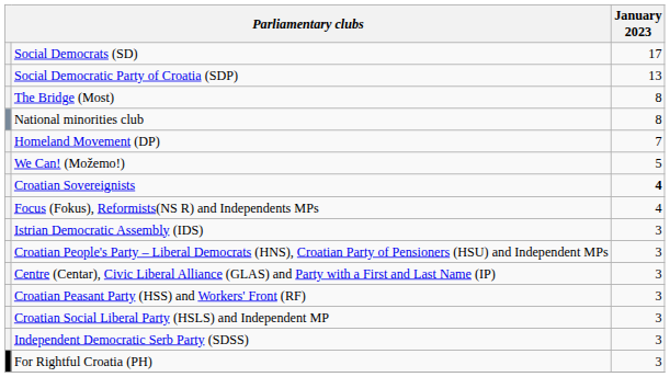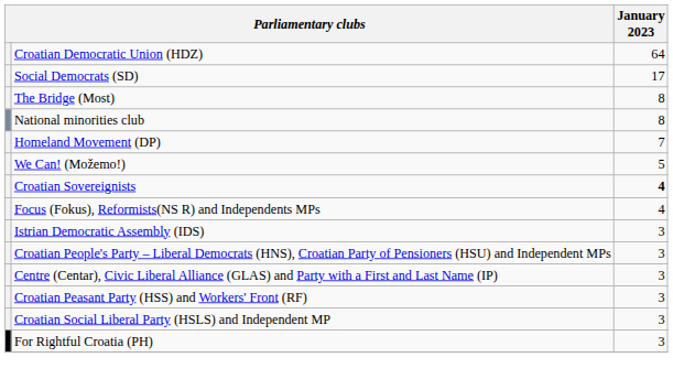 <table class="wikitable" style="font-size: 95%;">
 <tr>
 <th colspan=2><em>Parliamentary clubs</em></th>
 <th>January<br>2023</th>
 </tr>
 <tr>
 <th style="background-color: "></th>
-<td><a href='#'>Social Democrats</a> (SD)</td>
-<td align="right">17</td>
+<td><a href='#'>Croatian Democratic Union</a> (HDZ)</td>
+<td align="right">64</td>
 </tr>
 <tr>
 <th style="background-color: "></th>
-<td><a href='#'>Social Democratic Party of Croatia</a> (SDP)</td>
-<td align="right">13</td>
+<td><a href='#'>Social Democrats</a> (SD)</td>
+<td align="right">17</td>
 </tr>
 <tr>
 <th style="background-color: "></th>
 <td><a href='#'>The Bridge</a> (Most)</td>
 <td align="right">8</td>
 </tr>
 <tr>
 <th style="background-color: #778899"></th>
 <td>National minorities club</td>
 <td align="right">8</td>
 </tr>
 <tr>
 <th style="background-color: "></th>
 <td><a href='#'>Homeland Movement</a> (DP)</td>
 <td align="right">7</td>
 </tr>
 <tr>
 <th style="background-color: "></th>
 <td><a href='#'>We Can!</a> (Možemo!)</td>
 <td align="right">5</td>
 </tr>
 <tr>
 <th style="background-color: "></th>
 <td><a href='#'>Croatian Sovereignists</a></td>
 <td align="right"><strong>4</strong></td>
 </tr>
 <tr>
 <th style="background-color: "></th>
 <td><a href='#'>Focus</a> (Fokus), <a href='#'>Reformists</a>(NS R) and Independents MPs</td>
 <td align="right">4</td>
 </tr>
 <tr>
 <th style="background-color: "></th>
 <td><a href='#'>Istrian Democratic Assembly</a> (IDS)</td>
 <td align="right">3</td>
 </tr>
 <tr>
 <th style="background-color: "></th>
 <td><a href='#'>Croatian People's Party – Liberal Democrats</a> (HNS), <a href='#'>Croatian Party of Pensioners</a> (HSU) and Independent MPs</td>
 <td align="right">3</td>
 </tr>
 <tr>
 <th style="background-color: "></th>
 <td><a href='#'>Centre</a> (Centar), <a href='#'>Civic Liberal Alliance</a> (GLAS) and <a href='#'>Party with a First and Last Name</a> (IP)</td>
 <td align="right">3</td>
 </tr>
 <tr>
 <th style="background-color: "></th>
 <td><a href='#'>Croatian Peasant Party</a> (HSS) and <a href='#'>Workers' Front</a> (RF)</td>
 <td align="right">3</td>
 </tr>
 <tr>
 <th style="background-color: "></th>
 <td><a href='#'>Croatian Social Liberal Party</a> (HSLS) and Independent MP</td>
 <td align="right">3</td>
 </tr>
 <tr>
-<th style="background-color: "></th>
-<td><a href='#'>Independent Democratic Serb Party</a> (SDSS)</td>
-<td align="right">3</td>
-</tr>
-<tr>
 <th style="background-color: black"></th>
 <td>For Rightful Croatia (PH)</td>
 <td align="right">3</td>
 </tr>
 <tr>
 </tr>
 </table>
